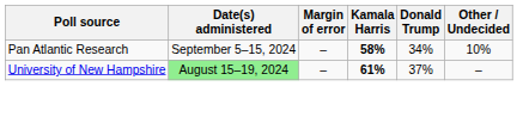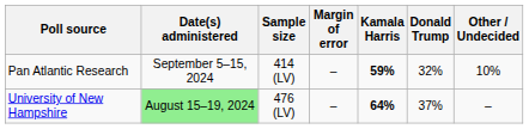 <table class="wikitable sortable mw-datatable" style="font-size:90%;text-align:center;line-height:17px">
 <tr vstyle="text-align:bottom">
 <th>Poll source</th>
 <th>Date(s)<br>administered</th>
+<th>Sample<br>size</th>
 <th>Margin<br>of error</th>
 <th class="unsortable">Kamala<br>Harris<br></th>
 <th class="unsortable">Donald<br>Trump<br></th>
 <th class="unsortable">Other /<br>Undecided</th>
 </tr>
 <tr>
 <td style="text-align:left;">Pan Atlantic Research</td>
 <td data-sort-value="2024-09-15">September 5–15, 2024</td>
+<td>414 (LV)</td>
 <td>–</td>
-<td style="color:black;background-color:"><strong>58%</strong></td>
-<td>34%</td>
+<td style="color:black;background-color:"><strong>59%</strong></td>
+<td>32%</td>
 <td>10%</td>
 </tr>
 <tr>
 <td style="text-align:left;"><a href='#'>University of New Hampshire</a></td>
 <td data-sort-value="2024-08-19" style="background: lightgreen;">August 15–19, 2024</td>
+<td>476 (LV)</td>
 <td>–</td>
-<td style="color:black;background-color:"><strong>61%</strong></td>
+<td style="color:black;background-color:"><strong>64%</strong></td>
 <td>37%</td>
 <td>–</td>
 </tr>
 </table>
